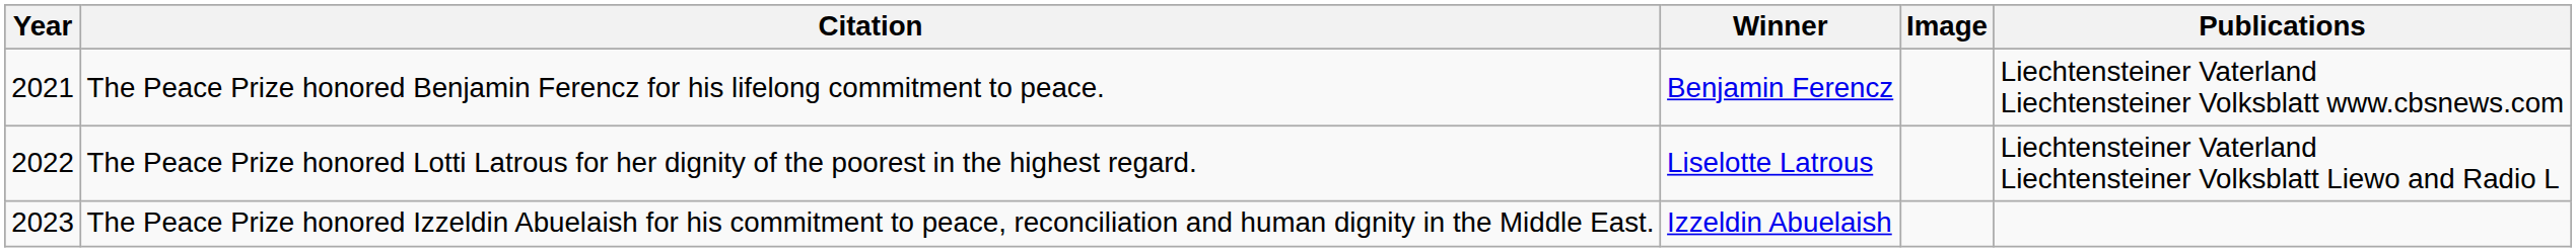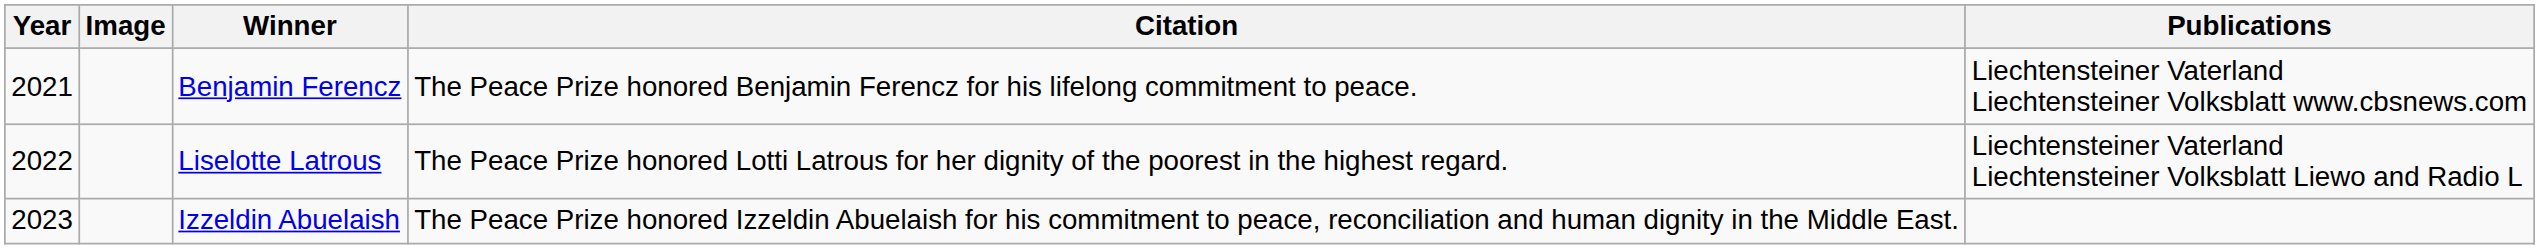 <table class="wikitable">
 <tr>
 <th>Year</th>
+<th>Image</th>
+<th>Winner</th>
 <th>Citation</th>
-<th>Winner</th>
-<th>Image</th>
 <th>Publications</th>
 </tr>
 <tr>
 <td>2021</td>
+<td></td>
+<td><a href='#'>Benjamin Ferencz</a></td>
 <td>The Peace Prize honored Benjamin Ferencz for his lifelong commitment to peace.</td>
-<td><a href='#'>Benjamin Ferencz</a></td>
-<td></td>
 <td>Liechtensteiner Vaterland<br>Liechtensteiner Volksblatt www.cbsnews.com</td>
 </tr>
 <tr>
 <td>2022</td>
+<td></td>
+<td><a href='#'>Liselotte Latrous</a></td>
 <td>The Peace Prize honored Lotti Latrous for her dignity of the poorest in the highest regard.</td>
-<td><a href='#'>Liselotte Latrous</a></td>
-<td></td>
 <td>Liechtensteiner Vaterland<br>Liechtensteiner Volksblatt Liewo and Radio L</td>
 </tr>
 <tr>
 <td>2023</td>
+<td></td>
+<td><a href='#'>Izzeldin Abuelaish</a></td>
 <td>The Peace Prize honored Izzeldin Abuelaish for his commitment to peace, reconciliation and human dignity in the Middle East.</td>
-<td><a href='#'>Izzeldin Abuelaish</a></td>
-<td></td>
 <td></td>
 </tr>
 </table>
